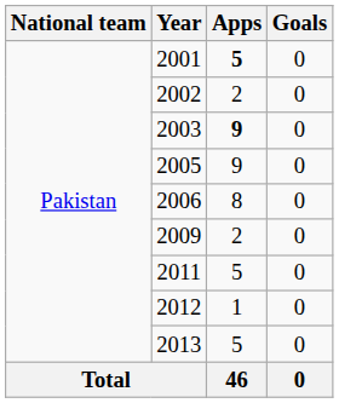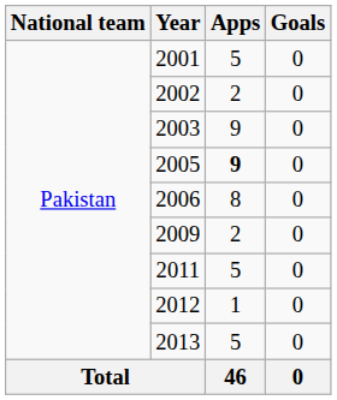 <table class="wikitable" style="text-align:center">
 <tr>
 <th>National team</th>
 <th>Year</th>
 <th>Apps</th>
 <th>Goals</th>
 </tr>
 <tr>
 <td rowspan="9"><a href='#'>Pakistan</a></td>
 <td>2001</td>
-<td><strong>5</strong></td>
+<td>5</td>
 <td>0</td>
 </tr>
 <tr>
 <td>2002</td>
 <td>2</td>
 <td>0</td>
 </tr>
 <tr>
 <td>2003</td>
-<td><strong>9</strong></td>
+<td>9</td>
 <td>0</td>
 </tr>
 <tr>
 <td>2005</td>
-<td>9</td>
+<td><strong>9</strong></td>
 <td>0</td>
 </tr>
 <tr>
 <td>2006</td>
 <td>8</td>
 <td>0</td>
 </tr>
 <tr>
 <td>2009</td>
 <td>2</td>
 <td>0</td>
 </tr>
 <tr>
 <td>2011</td>
 <td>5</td>
 <td>0</td>
 </tr>
 <tr>
 <td>2012</td>
 <td>1</td>
 <td>0</td>
 </tr>
 <tr>
 <td>2013</td>
 <td>5</td>
 <td>0</td>
 </tr>
 <tr>
 <th colspan="2">Total</th>
 <th>46</th>
 <th>0</th>
 </tr>
 </table>
